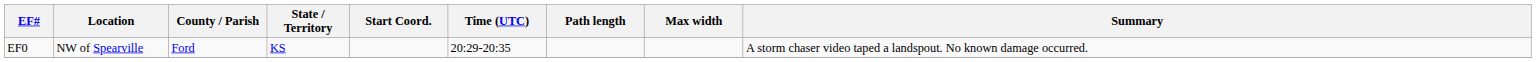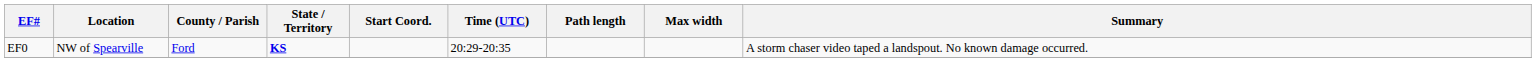 <table class="wikitable sortable" style="width:100%;">
 <tr>
 <th scope="col"  style="width:3%; text-align:center;"><a href='#'>EF#</a></th>
 <th scope="col"  style="width:7%; text-align:center;" class="unsortable">Location</th>
 <th scope="col"  style="width:6%; text-align:center;" class="unsortable">County / Parish</th>
 <th scope="col"  style="width:5%; text-align:center;">State / Territory</th>
 <th scope="col"  style="width:6%; text-align:center;">Start Coord.</th>
 <th scope="col"  style="width:6%; text-align:center;">Time (<a href='#'>UTC</a>)</th>
 <th scope="col"  style="width:6%; text-align:center;">Path length</th>
 <th scope="col"  style="width:6%; text-align:center;">Max width</th>
 <th scope="col" class="unsortable" style="width:48%; text-align:center;">Summary</th>
 </tr>
 <tr>
 <td>EF0</td>
 <td>NW of <a href='#'>Spearville</a></td>
 <td><a href='#'>Ford</a></td>
-<td><a href='#'>KS</a></td>
+<td><strong><a href='#'>KS</a></strong></td>
 <td></td>
 <td>20:29-20:35</td>
 <td></td>
 <td></td>
 <td>A storm chaser video taped a landspout. No known damage occurred.</td>
 </tr>
 <tr>
 </tr>
 </table>
